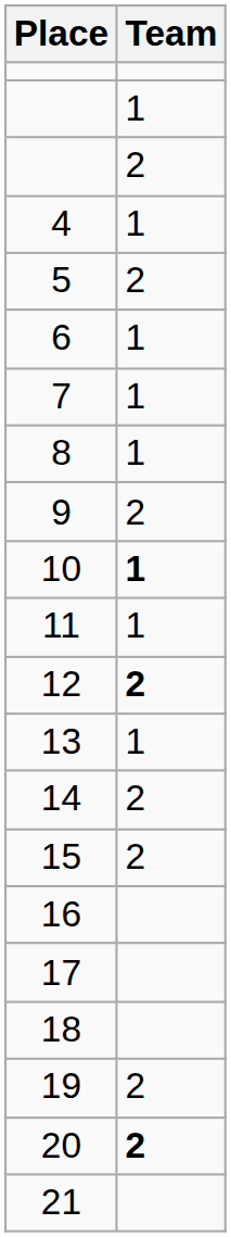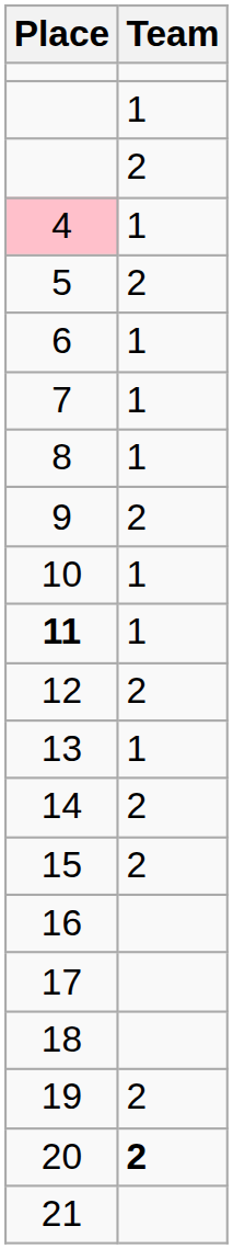 <table class="wikitable">
 <tr>
 <th>Place</th>
 <th>Team</th>
 </tr>
 <tr>
 <td align=center></td>
 <td></td>
 </tr>
 <tr>
 <td align=center></td>
 <td> 1</td>
 </tr>
 <tr>
 <td align=center></td>
 <td> 2</td>
 </tr>
 <tr>
-<td align=center>4</td>
+<td align=center style="background: pink;">4</td>
 <td> 1</td>
 </tr>
 <tr>
 <td align=center>5</td>
 <td> 2</td>
 </tr>
 <tr>
 <td align=center>6</td>
 <td> 1</td>
 </tr>
 <tr>
 <td align=center>7</td>
 <td> 1</td>
 </tr>
 <tr>
 <td align=center>8</td>
 <td> 1</td>
 </tr>
 <tr>
 <td align=center>9</td>
 <td> 2</td>
 </tr>
 <tr>
 <td align=center>10</td>
-<td><strong> 1</strong></td>
+<td> 1</td>
 </tr>
 <tr>
-<td align=center>11</td>
+<td align=center><strong>11</strong></td>
 <td> 1</td>
 </tr>
 <tr>
 <td align=center>12</td>
-<td><strong> 2</strong></td>
+<td> 2</td>
 </tr>
 <tr>
 <td align=center>13</td>
 <td> 1</td>
 </tr>
 <tr>
 <td align=center>14</td>
 <td> 2</td>
 </tr>
 <tr>
 <td align=center>15</td>
 <td> 2</td>
 </tr>
 <tr>
 <td align=center>16</td>
 <td></td>
 </tr>
 <tr>
 <td align=center>17</td>
 <td></td>
 </tr>
 <tr>
 <td align=center>18</td>
 <td></td>
 </tr>
 <tr>
 <td align=center>19</td>
 <td> 2</td>
 </tr>
 <tr>
 <td align=center>20</td>
 <td><strong> 2</strong></td>
 </tr>
 <tr>
 <td align=center>21</td>
 <td></td>
 </tr>
 </table>
